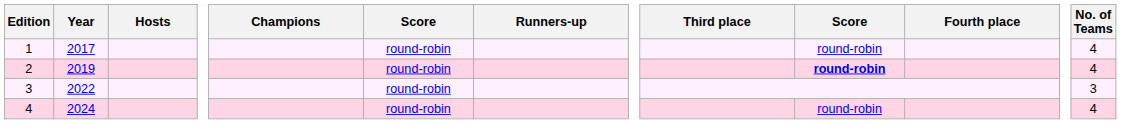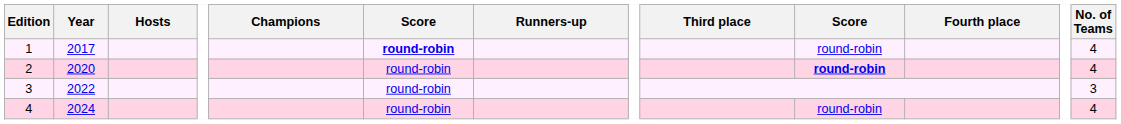 <table class="wikitable" style="text-align:center;width:100%; font-size:90%;">
 <tr>
 <th width=2%>Edition</th>
 <th width=5%>Year</th>
 <th width=8%>Hosts</th>
 <td rowspan="5" style="width:1%;background:#fff;border-top-style:hidden;border-bottom-style:hidden;"></td>
 <th style="width:14%;">Champions</th>
 <th width=10%>Score</th>
 <th style="width:14%;">Runners-up</th>
 <td rowspan="5" style="width:1%;background:#fff;border-top-style:hidden;border-bottom-style:hidden;"></td>
 <th style="width:14%;">Third place</th>
 <th width=10%>Score</th>
 <th style="width:14%;">Fourth place</th>
 <td rowspan="5" style="width:1%;background:#fff;border-top-style:hidden;border-bottom-style:hidden;"></td>
 <th width=4%>No. of Teams</th>
 </tr>
 <tr align="centre" bgcolor="#fff0ff">
 <td>1</td>
 <td><a href='#'>2017</a><br></td>
 <td align="left"></td>
 <td><strong></strong></td>
-<td><a href='#'>round-robin</a></td>
+<td><strong><a href='#'>round-robin</a></strong></td>
 <td></td>
 <td></td>
 <td><a href='#'>round-robin</a></td>
 <td></td>
 <td>4</td>
 </tr>
 <tr align="centre" bgcolor="#FFD4E4">
 <td>2</td>
-<td><a href='#'>2019</a></td>
+<td><a href='#'>2020</a></td>
 <td align="left"></td>
 <td><strong></strong></td>
 <td><a href='#'>round-robin</a></td>
 <td></td>
 <td></td>
 <td><strong><a href='#'>round-robin</a></strong></td>
 <td></td>
 <td>4</td>
 </tr>
 <tr align="centre" bgcolor="#fff0ff">
 <td>3</td>
 <td><a href='#'>2022</a></td>
 <td align="left"></td>
 <td><strong></strong></td>
 <td><a href='#'>round-robin</a></td>
 <td></td>
 <td colspan=3></td>
 <td>3</td>
 </tr>
 <tr align="centre" bgcolor="#FFD4E4">
 <td>4</td>
 <td><a href='#'>2024</a></td>
 <td align="left"></td>
 <td><strong></strong></td>
 <td><a href='#'>round-robin</a></td>
 <td></td>
 <td></td>
 <td><a href='#'>round-robin</a></td>
 <td></td>
 <td>4</td>
 </tr>
 </table>
